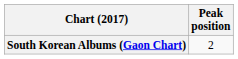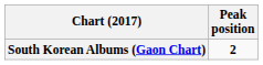 <table class="wikitable plainrowheaders" style="text-align:center">
 <tr>
 <th>Chart (2017)</th>
 <th>Peak<br>position</th>
 </tr>
 <tr>
 <th scope="row">South Korean Albums (<a href='#'>Gaon Chart</a>)</th>
-<td>2</td>
+<td><strong>2</strong></td>
 </tr>
 </table>
